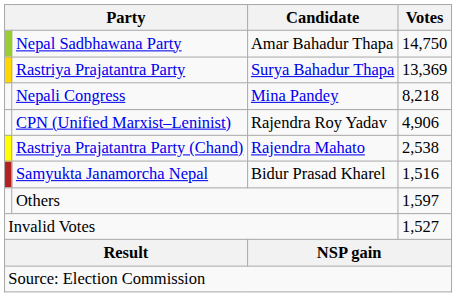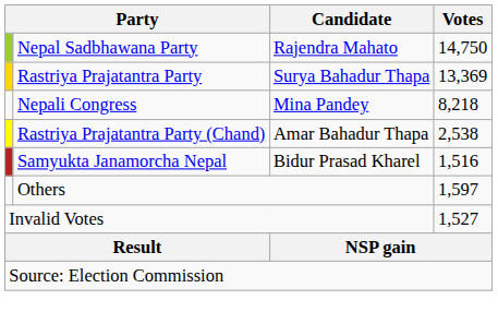 <table class="wikitable">
 <tr>
 <th colspan="2">Party</th>
 <th>Candidate</th>
 <th>Votes</th>
 </tr>
 <tr>
 <td style="background-color:yellowgreen"></td>
 <td><a href='#'>Nepal Sadbhawana Party</a></td>
-<td>Amar Bahadur Thapa</td>
+<td><a href='#'>Rajendra Mahato</a></td>
 <td>14,750</td>
 </tr>
 <tr>
 <td style="background-color:gold"></td>
 <td><a href='#'>Rastriya Prajatantra Party</a></td>
 <td><a href='#'>Surya Bahadur Thapa</a></td>
 <td>13,369</td>
 </tr>
 <tr>
 <td style="background-color:"></td>
 <td><a href='#'>Nepali Congress</a></td>
 <td><a href='#'>Mina Pandey</a></td>
 <td>8,218</td>
 </tr>
 <tr>
-<td style="background-color:"></td>
-<td><a href='#'>CPN (Unified Marxist–Leninist)</a></td>
-<td>Rajendra Roy Yadav</td>
-<td>4,906</td>
-</tr>
-<tr>
 <td style="background-color:yellow"></td>
 <td><a href='#'>Rastriya Prajatantra Party (Chand)</a></td>
-<td><a href='#'>Rajendra Mahato</a></td>
+<td>Amar Bahadur Thapa</td>
 <td>2,538</td>
 </tr>
 <tr>
 <td style="background-color:firebrick"></td>
 <td><a href='#'>Samyukta Janamorcha Nepal</a></td>
 <td>Bidur Prasad Kharel</td>
 <td>1,516</td>
 </tr>
 <tr>
 <td></td>
 <td colspan="2">Others</td>
 <td>1,597</td>
 </tr>
 <tr>
 <td colspan="3">Invalid Votes</td>
 <td>1,527</td>
 </tr>
 <tr>
 <th colspan="2">Result</th>
 <th colspan="2">NSP gain</th>
 </tr>
 <tr>
 <td colspan="4">Source: Election Commission</td>
 </tr>
 </table>
